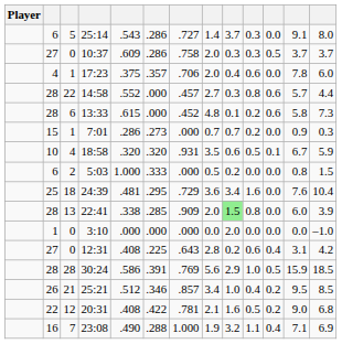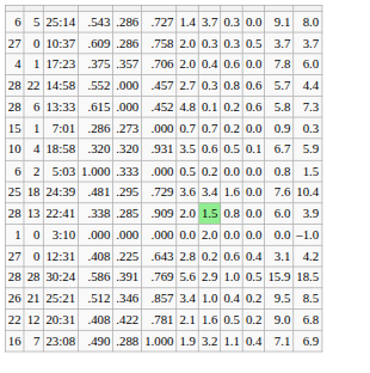 <table class="wikitable sortable" style="font-size:95%; text-align:right;">
 <tr>
-<th>Player</th>
 <th></th>
 <th></th>
 <th></th>
 <th></th>
 <th></th>
 <th></th>
 <th></th>
 <th></th>
 <th></th>
 <th></th>
 <th></th>
 <th></th>
 </tr>
 <tr>
-<td></td>
 <td>6</td>
 <td>5</td>
 <td>25:14</td>
 <td>.543</td>
 <td>.286</td>
 <td>.727</td>
 <td>1.4</td>
 <td>3.7</td>
 <td>0.3</td>
 <td>0.0</td>
 <td>9.1</td>
 <td>8.0</td>
 </tr>
 <tr>
-<td></td>
 <td>27</td>
 <td>0</td>
 <td>10:37</td>
 <td>.609</td>
 <td>.286</td>
 <td>.758</td>
 <td>2.0</td>
 <td>0.3</td>
 <td>0.3</td>
 <td>0.5</td>
 <td>3.7</td>
 <td>3.7</td>
 </tr>
 <tr>
-<td></td>
 <td>4</td>
 <td>1</td>
 <td>17:23</td>
 <td>.375</td>
 <td>.357</td>
 <td>.706</td>
 <td>2.0</td>
 <td>0.4</td>
 <td>0.6</td>
 <td>0.0</td>
 <td>7.8</td>
 <td>6.0</td>
 </tr>
 <tr>
-<td></td>
 <td>28</td>
 <td>22</td>
 <td>14:58</td>
 <td>.552</td>
 <td>.000</td>
 <td>.457</td>
 <td>2.7</td>
 <td>0.3</td>
 <td>0.8</td>
 <td>0.6</td>
 <td>5.7</td>
 <td>4.4</td>
 </tr>
 <tr>
-<td></td>
 <td>28</td>
 <td>6</td>
 <td>13:33</td>
 <td>.615</td>
 <td>.000</td>
 <td>.452</td>
 <td>4.8</td>
 <td>0.1</td>
 <td>0.2</td>
 <td>0.6</td>
 <td>5.8</td>
 <td>7.3</td>
 </tr>
 <tr>
-<td></td>
 <td>15</td>
 <td>1</td>
 <td>7:01</td>
 <td>.286</td>
 <td>.273</td>
 <td>.000</td>
 <td>0.7</td>
 <td>0.7</td>
 <td>0.2</td>
 <td>0.0</td>
 <td>0.9</td>
 <td>0.3</td>
 </tr>
 <tr>
-<td></td>
 <td>10</td>
 <td>4</td>
 <td>18:58</td>
 <td>.320</td>
 <td>.320</td>
 <td>.931</td>
 <td>3.5</td>
 <td>0.6</td>
 <td>0.5</td>
 <td>0.1</td>
 <td>6.7</td>
 <td>5.9</td>
 </tr>
 <tr>
-<td></td>
 <td>6</td>
 <td>2</td>
 <td>5:03</td>
 <td>1.000</td>
 <td>.333</td>
 <td>.000</td>
 <td>0.5</td>
 <td>0.2</td>
 <td>0.0</td>
 <td>0.0</td>
 <td>0.8</td>
 <td>1.5</td>
 </tr>
 <tr>
-<td></td>
 <td>25</td>
 <td>18</td>
 <td>24:39</td>
 <td>.481</td>
 <td>.295</td>
 <td>.729</td>
 <td>3.6</td>
 <td>3.4</td>
 <td>1.6</td>
 <td>0.0</td>
 <td>7.6</td>
 <td>10.4</td>
 </tr>
 <tr>
-<td></td>
 <td>28</td>
 <td>13</td>
 <td>22:41</td>
 <td>.338</td>
 <td>.285</td>
 <td>.909</td>
 <td>2.0</td>
 <td style="background: lightgreen;">1.5</td>
 <td>0.8</td>
 <td>0.0</td>
 <td>6.0</td>
 <td>3.9</td>
 </tr>
 <tr>
-<td></td>
 <td>1</td>
 <td>0</td>
 <td>3:10</td>
 <td>.000</td>
 <td>.000</td>
 <td>.000</td>
 <td>0.0</td>
 <td>2.0</td>
 <td>0.0</td>
 <td>0.0</td>
 <td>0.0</td>
 <td>–1.0</td>
 </tr>
 <tr>
-<td></td>
 <td>27</td>
 <td>0</td>
 <td>12:31</td>
 <td>.408</td>
 <td>.225</td>
 <td>.643</td>
 <td>2.8</td>
 <td>0.2</td>
 <td>0.6</td>
 <td>0.4</td>
 <td>3.1</td>
 <td>4.2</td>
 </tr>
 <tr>
-<td></td>
 <td>28</td>
 <td>28</td>
 <td>30:24</td>
 <td>.586</td>
 <td>.391</td>
 <td>.769</td>
 <td>5.6</td>
 <td>2.9</td>
 <td>1.0</td>
 <td>0.5</td>
 <td>15.9</td>
 <td>18.5</td>
 </tr>
 <tr>
-<td></td>
 <td>26</td>
 <td>21</td>
 <td>25:21</td>
 <td>.512</td>
 <td>.346</td>
 <td>.857</td>
 <td>3.4</td>
 <td>1.0</td>
 <td>0.4</td>
 <td>0.2</td>
 <td>9.5</td>
 <td>8.5</td>
 </tr>
 <tr>
-<td></td>
 <td>22</td>
 <td>12</td>
 <td>20:31</td>
 <td>.408</td>
 <td>.422</td>
 <td>.781</td>
 <td>2.1</td>
 <td>1.6</td>
 <td>0.5</td>
 <td>0.2</td>
 <td>9.0</td>
 <td>6.8</td>
 </tr>
 <tr>
-<td></td>
 <td>16</td>
 <td>7</td>
 <td>23:08</td>
 <td>.490</td>
 <td>.288</td>
 <td>1.000</td>
 <td>1.9</td>
 <td>3.2</td>
 <td>1.1</td>
 <td>0.4</td>
 <td>7.1</td>
 <td>6.9</td>
 </tr>
 </table>
